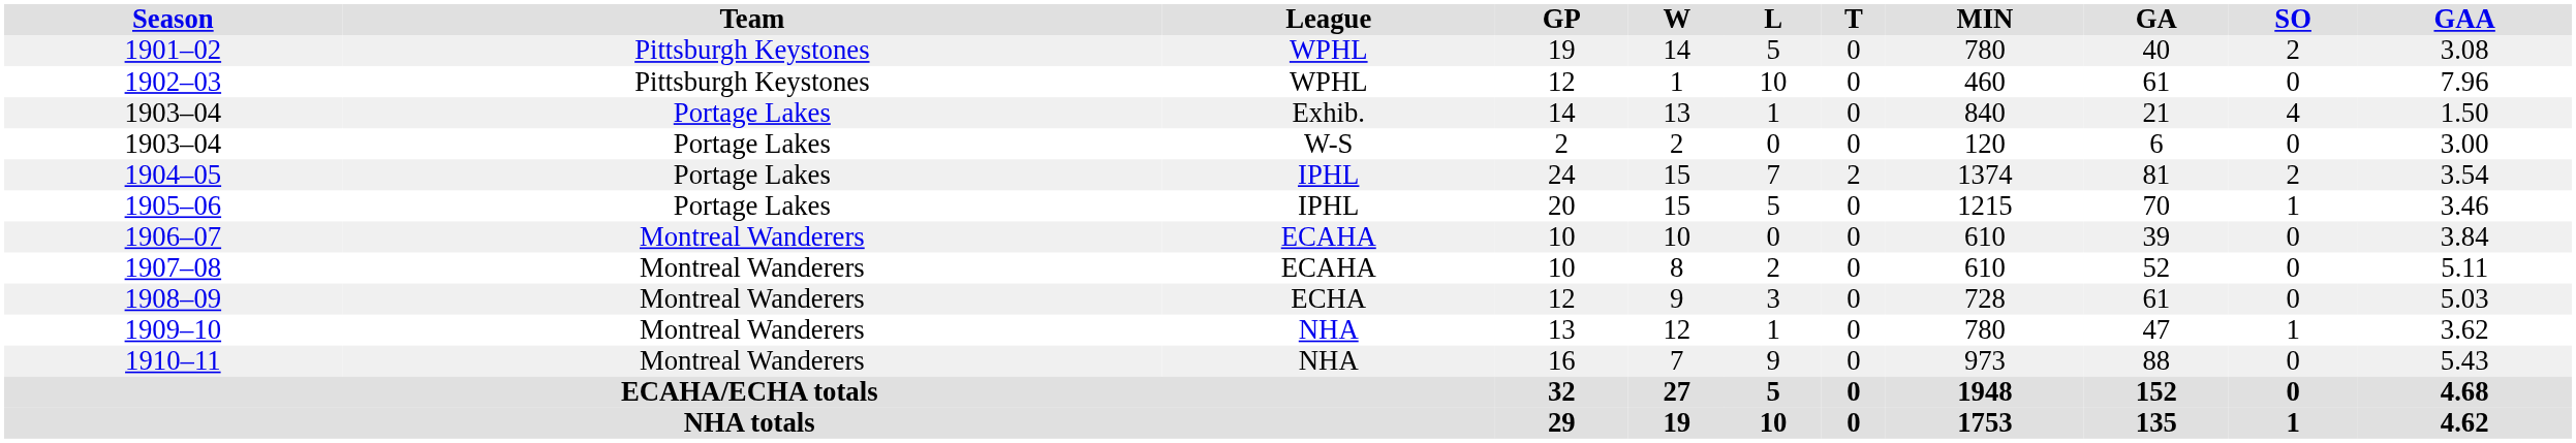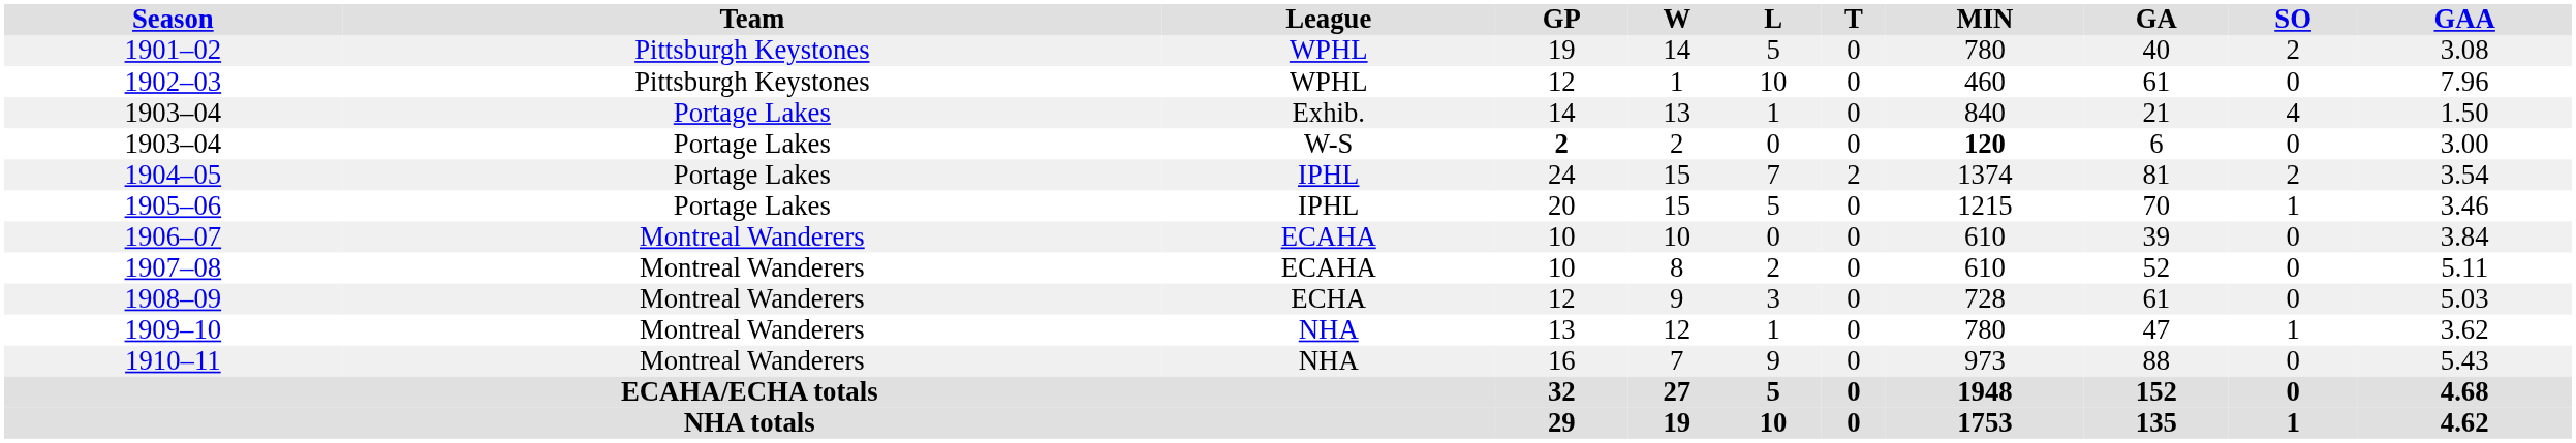 <table BORDER="0" CELLPADDING="0" CELLSPACING="0" width="75%">
 <tr bgcolor="#e0e0e0">
 <th colspan="3" bgcolor="#ffffff"></th>
 <th rowspan="99" bgcolor="#ffffff"></th>
 </tr>
 <tr bgcolor="#e0e0e0" ALIGN="center">
 <th><a href='#'>Season</a></th>
 <th>Team</th>
 <th>League</th>
 <th>GP</th>
 <th>W</th>
 <th>L</th>
 <th>T</th>
 <th>MIN</th>
 <th>GA</th>
 <th><a href='#'>SO</a></th>
 <th><a href='#'>GAA</a></th>
 </tr>
 <tr ALIGN="center" bgcolor="#f0f0f0">
 <td><a href='#'>1901–02</a></td>
 <td><a href='#'>Pittsburgh Keystones</a></td>
 <td><a href='#'>WPHL</a></td>
 <td>19</td>
 <td>14</td>
 <td>5</td>
 <td>0</td>
 <td>780</td>
 <td>40</td>
 <td>2</td>
 <td>3.08</td>
 </tr>
 <tr ALIGN="center">
 <td><a href='#'>1902–03</a></td>
 <td>Pittsburgh Keystones</td>
 <td>WPHL</td>
 <td>12</td>
 <td>1</td>
 <td>10</td>
 <td>0</td>
 <td>460</td>
 <td>61</td>
 <td>0</td>
 <td>7.96</td>
 </tr>
 <tr ALIGN="center" bgcolor="#f0f0f0">
 <td>1903–04</td>
 <td><a href='#'>Portage Lakes</a></td>
 <td>Exhib.</td>
 <td>14</td>
 <td>13</td>
 <td>1</td>
 <td>0</td>
 <td>840</td>
 <td>21</td>
 <td>4</td>
 <td>1.50</td>
 </tr>
 <tr ALIGN="center">
 <td>1903–04</td>
 <td>Portage Lakes</td>
 <td>W-S</td>
-<td>2</td>
+<td><strong>2</strong></td>
 <td>2</td>
 <td>0</td>
 <td>0</td>
-<td>120</td>
+<td><strong>120</strong></td>
 <td>6</td>
 <td>0</td>
 <td>3.00</td>
 </tr>
 <tr ALIGN="center" bgcolor="#f0f0f0">
 <td><a href='#'>1904–05</a></td>
 <td>Portage Lakes</td>
 <td><a href='#'>IPHL</a></td>
 <td>24</td>
 <td>15</td>
 <td>7</td>
 <td>2</td>
 <td>1374</td>
 <td>81</td>
 <td>2</td>
 <td>3.54</td>
 </tr>
 <tr ALIGN="center">
 <td><a href='#'>1905–06</a></td>
 <td>Portage Lakes</td>
 <td>IPHL</td>
 <td>20</td>
 <td>15</td>
 <td>5</td>
 <td>0</td>
 <td>1215</td>
 <td>70</td>
 <td>1</td>
 <td>3.46</td>
 </tr>
 <tr ALIGN="center" bgcolor="#f0f0f0">
 <td><a href='#'>1906–07</a></td>
 <td><a href='#'>Montreal Wanderers</a></td>
 <td><a href='#'>ECAHA</a></td>
 <td>10</td>
 <td>10</td>
 <td>0</td>
 <td>0</td>
 <td>610</td>
 <td>39</td>
 <td>0</td>
 <td>3.84</td>
 </tr>
 <tr ALIGN="center">
 <td><a href='#'>1907–08</a></td>
 <td>Montreal Wanderers</td>
 <td>ECAHA</td>
 <td>10</td>
 <td>8</td>
 <td>2</td>
 <td>0</td>
 <td>610</td>
 <td>52</td>
 <td>0</td>
 <td>5.11</td>
 </tr>
 <tr ALIGN="center" bgcolor="#f0f0f0">
 <td><a href='#'>1908–09</a></td>
 <td>Montreal Wanderers</td>
 <td>ECHA</td>
 <td>12</td>
 <td>9</td>
 <td>3</td>
 <td>0</td>
 <td>728</td>
 <td>61</td>
 <td>0</td>
 <td>5.03</td>
 </tr>
 <tr ALIGN="center">
 <td><a href='#'>1909–10</a></td>
 <td>Montreal Wanderers</td>
 <td><a href='#'>NHA</a></td>
 <td>13</td>
 <td>12</td>
 <td>1</td>
 <td>0</td>
 <td>780</td>
 <td>47</td>
 <td>1</td>
 <td>3.62</td>
 </tr>
 <tr ALIGN="center" bgcolor="#f0f0f0">
 <td><a href='#'>1910–11</a></td>
 <td>Montreal Wanderers</td>
 <td>NHA</td>
 <td>16</td>
 <td>7</td>
 <td>9</td>
 <td>0</td>
 <td>973</td>
 <td>88</td>
 <td>0</td>
 <td>5.43</td>
 </tr>
 <tr ALIGN="center" bgcolor="#e0e0e0">
 <th colspan="3" align="center">ECAHA/ECHA totals</th>
 <th>32</th>
 <th>27</th>
 <th>5</th>
 <th>0</th>
 <th>1948</th>
 <th>152</th>
 <th>0</th>
 <th>4.68</th>
 </tr>
 <tr ALIGN="center" bgcolor="#e0e0e0">
 <th colspan="3" align="center">NHA totals</th>
 <th>29</th>
 <th>19</th>
 <th>10</th>
 <th>0</th>
 <th>1753</th>
 <th>135</th>
 <th>1</th>
 <th>4.62</th>
 </tr>
 </table>
